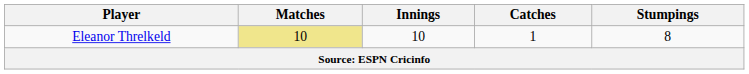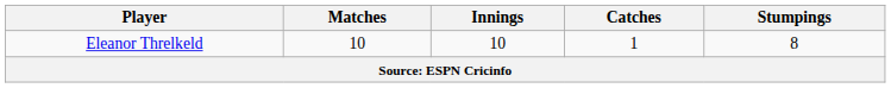 <table class="wikitable" style="text-align:center; width:55%;">
 <tr>
 <th>Player</th>
 <th>Matches</th>
 <th>Innings</th>
 <th>Catches</th>
 <th>Stumpings</th>
 </tr>
 <tr>
 <td><a href='#'>Eleanor Threlkeld</a></td>
-<td style="background: khaki;">10</td>
+<td>10</td>
 <td>10</td>
 <td>1</td>
 <td>8</td>
 </tr>
 <tr>
 <th colspan="5"><small>Source: ESPN Cricinfo </small></th>
 </tr>
 </table>
